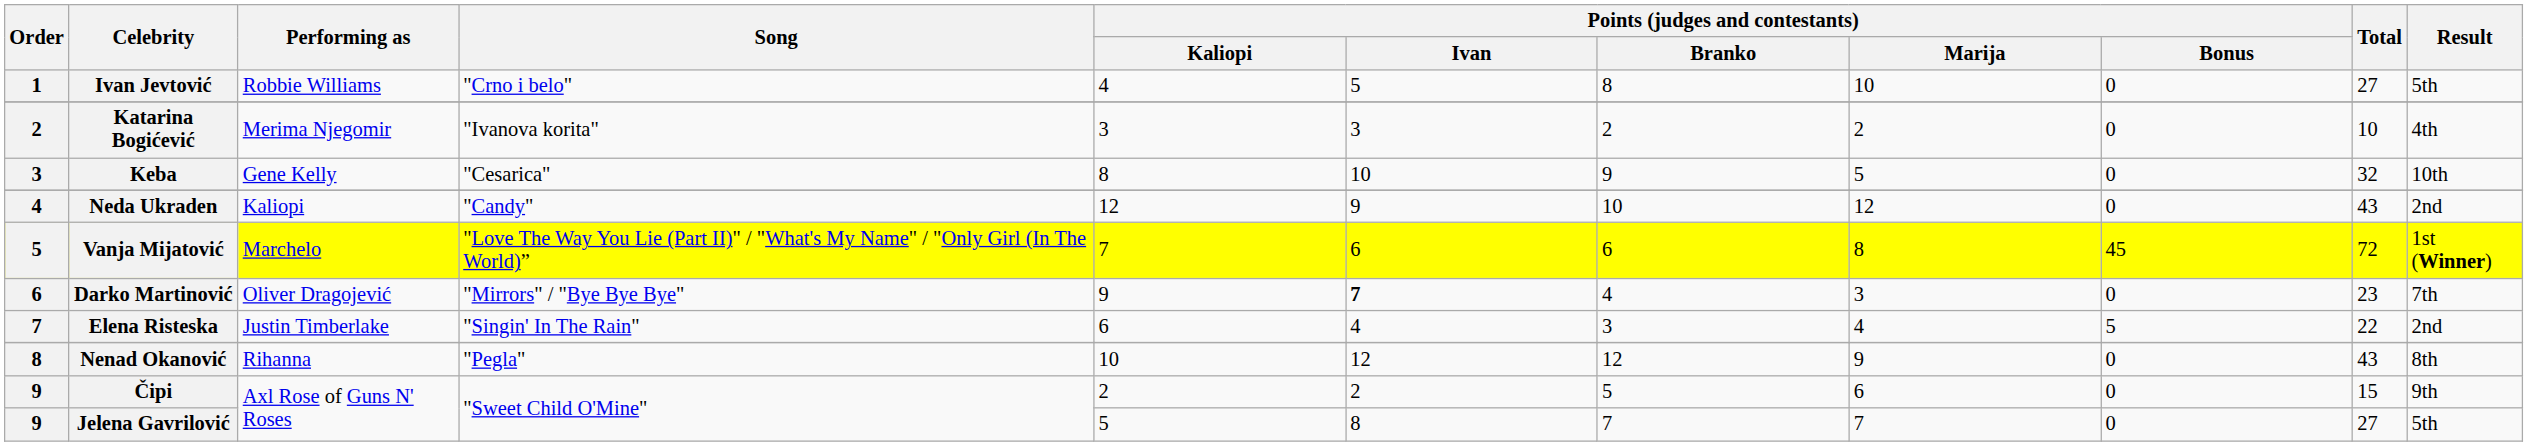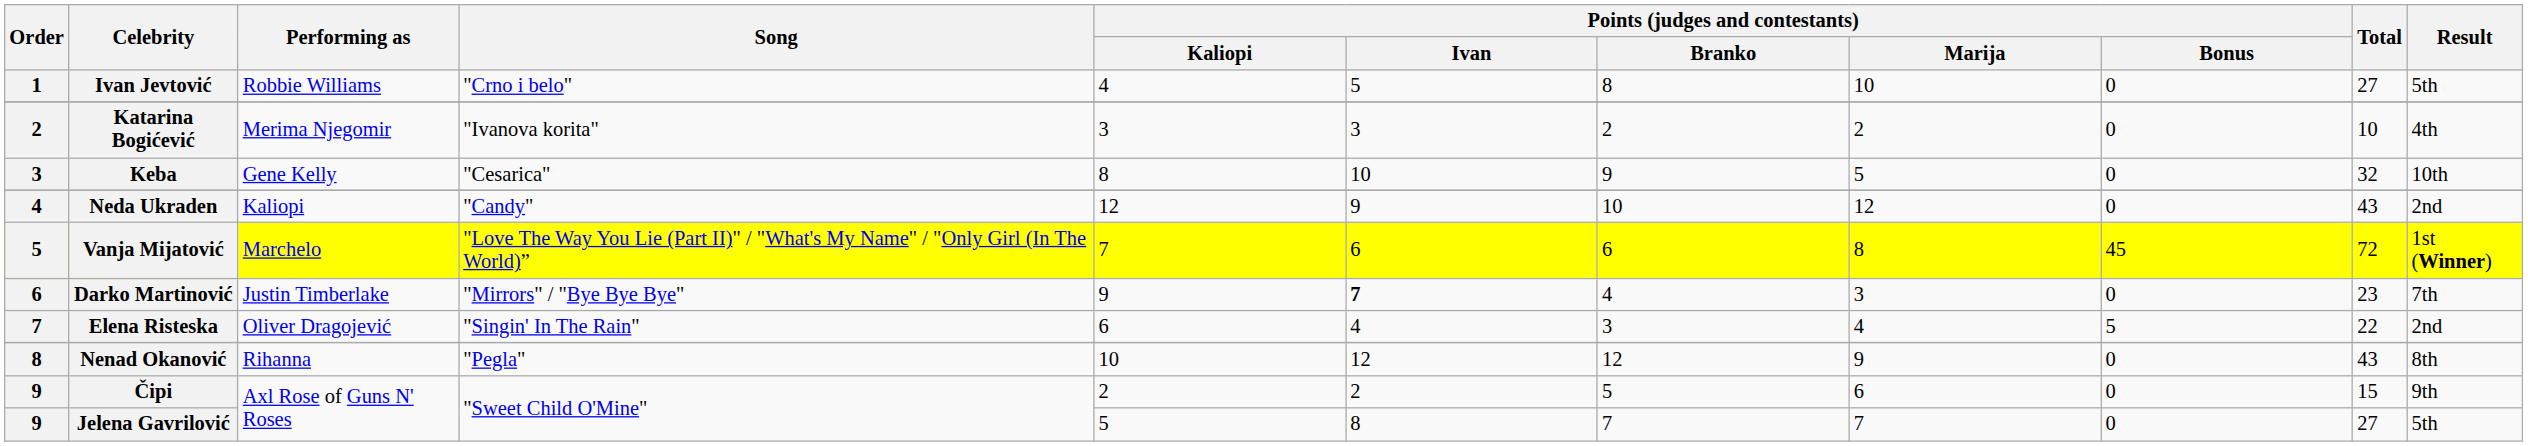 <table class=wikitable>
 <tr>
 <th rowspan="2">Order</th>
 <th rowspan="2">Celebrity</th>
 <th rowspan="2">Performing as</th>
 <th rowspan="2">Song</th>
 <th colspan="5" style="width:50%;">Points (judges and contestants)</th>
 <th rowspan="2">Total</th>
 <th rowspan="2">Result</th>
 </tr>
 <tr>
 <th style="width:10%;">Kaliopi</th>
 <th style="width:10%;">Ivan</th>
 <th style="width:10%;">Branko</th>
 <th style="width:10%;">Marija</th>
 <th style="width:10%;">Bonus</th>
 </tr>
 <tr>
 <th scope="row">1</th>
 <th scope="row">Ivan Jevtović</th>
 <td><a href='#'>Robbie Williams</a></td>
 <td>"<a href='#'>Crno i belo</a>"</td>
 <td>4</td>
 <td>5</td>
 <td>8</td>
 <td>10</td>
 <td>0</td>
 <td>27</td>
 <td>5th</td>
 </tr>
 <tr>
 </tr>
 <tr>
 <th scope="row">2</th>
 <th scope="row">Katarina Bogićević</th>
 <td><a href='#'>Merima Njegomir</a></td>
 <td>"Ivanova korita"</td>
 <td>3</td>
 <td>3</td>
 <td>2</td>
 <td>2</td>
 <td>0</td>
 <td>10</td>
 <td>4th</td>
 </tr>
 <tr>
 <th scope="row">3</th>
 <th scope="row">Keba</th>
 <td><a href='#'>Gene Kelly</a></td>
 <td>"Cesarica"</td>
 <td>8</td>
 <td>10</td>
 <td>9</td>
 <td>5</td>
 <td>0</td>
 <td>32</td>
 <td>10th</td>
 </tr>
 <tr>
 </tr>
 <tr -bgcolor="grey">
 <th scope="row">4</th>
 <th scope="row">Neda Ukraden</th>
 <td><a href='#'>Kaliopi</a></td>
 <td>"<a href='#'>Candy</a>"</td>
 <td>12</td>
 <td>9</td>
 <td>10</td>
 <td>12</td>
 <td>0</td>
 <td>43</td>
 <td>2nd</td>
 </tr>
 <tr style="background:yellow;">
 <th scope="row">5</th>
 <th scope="row">Vanja Mijatović</th>
 <td><a href='#'>Marchelo</a></td>
 <td>"<a href='#'>Love The Way You Lie (Part II)</a>" / "<a href='#'>What's My Name</a>" / "<a href='#'>Only Girl (In The World)</a>”</td>
 <td>7</td>
 <td>6</td>
 <td>6</td>
 <td>8</td>
 <td>45</td>
 <td>72</td>
 <td>1st (<strong>Winner</strong>)</td>
 </tr>
 <tr>
 <th scope="row">6</th>
 <th scope="row">Darko Martinović</th>
-<td><a href='#'>Oliver Dragojević</a></td>
+<td><a href='#'>Justin Timberlake</a></td>
 <td>"<a href='#'>Mirrors</a>" / "<a href='#'>Bye Bye Bye</a>"</td>
 <td>9</td>
 <td><strong>7</strong></td>
 <td>4</td>
 <td>3</td>
 <td>0</td>
 <td>23</td>
 <td>7th</td>
 </tr>
 <tr>
 <th scope="row">7</th>
 <th scope="row">Elena Risteska</th>
-<td><a href='#'>Justin Timberlake</a></td>
+<td><a href='#'>Oliver Dragojević</a></td>
 <td>"<a href='#'>Singin' In The Rain</a>"</td>
 <td>6</td>
 <td>4</td>
 <td>3</td>
 <td>4</td>
 <td>5</td>
 <td>22</td>
 <td>2nd</td>
 </tr>
 <tr>
 </tr>
 <tr -bgcolor="silver">
 <th scope="row">8</th>
 <th scope="row">Nenad Okanović</th>
 <td><a href='#'>Rihanna</a></td>
 <td>"<a href='#'>Pegla</a>"</td>
 <td>10</td>
 <td>12</td>
 <td>12</td>
 <td>9</td>
 <td>0</td>
 <td>43</td>
 <td>8th</td>
 </tr>
 <tr>
 <th scope="row">9</th>
 <th scope="row">Čipi</th>
 <td rowspan="2"><a href='#'>Axl Rose</a> of <a href='#'>Guns N' Roses</a></td>
 <td rowspan="2">"<a href='#'>Sweet Child O'Mine</a>"</td>
 <td>2</td>
 <td>2</td>
 <td>5</td>
 <td>6</td>
 <td>0</td>
 <td>15</td>
 <td>9th</td>
 </tr>
 <tr>
 <th scope="row">9</th>
 <th scope="row">Jelena Gavrilović</th>
 <td>5</td>
 <td>8</td>
 <td>7</td>
 <td>7</td>
 <td>0</td>
 <td>27</td>
 <td>5th</td>
 </tr>
 </table>
